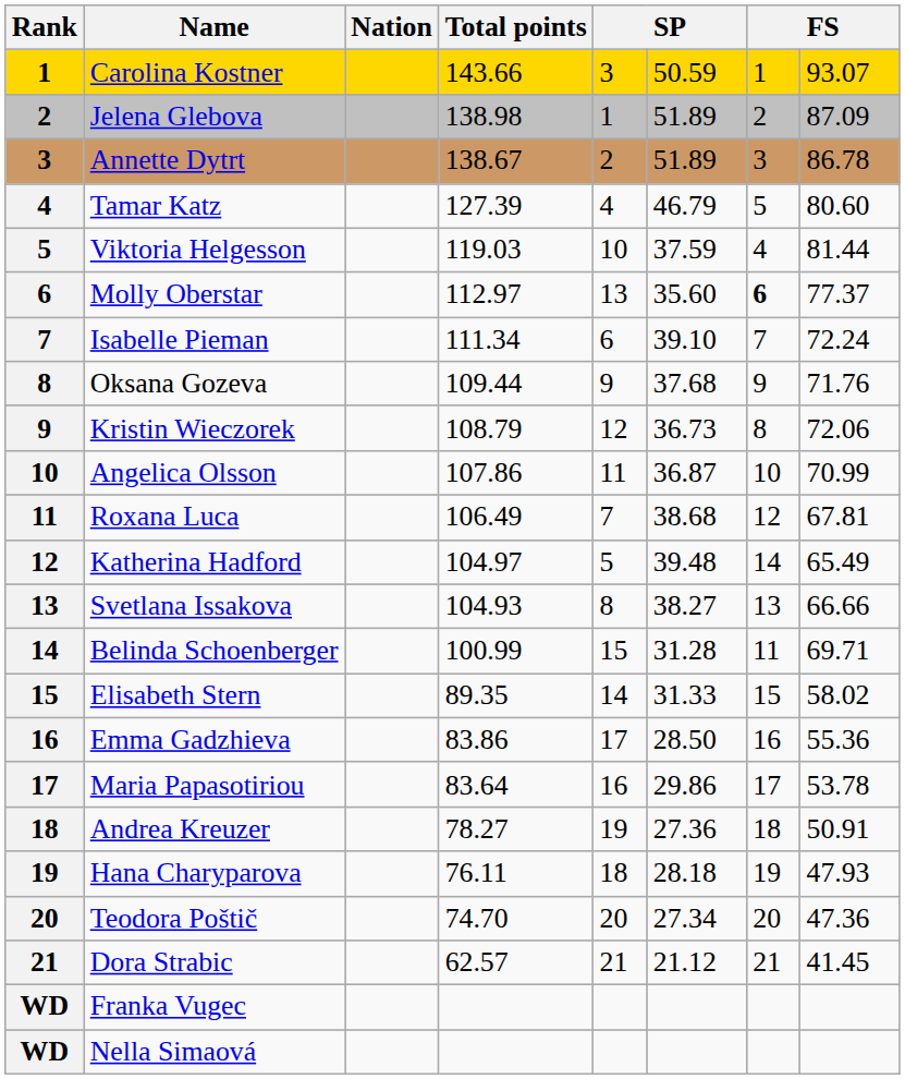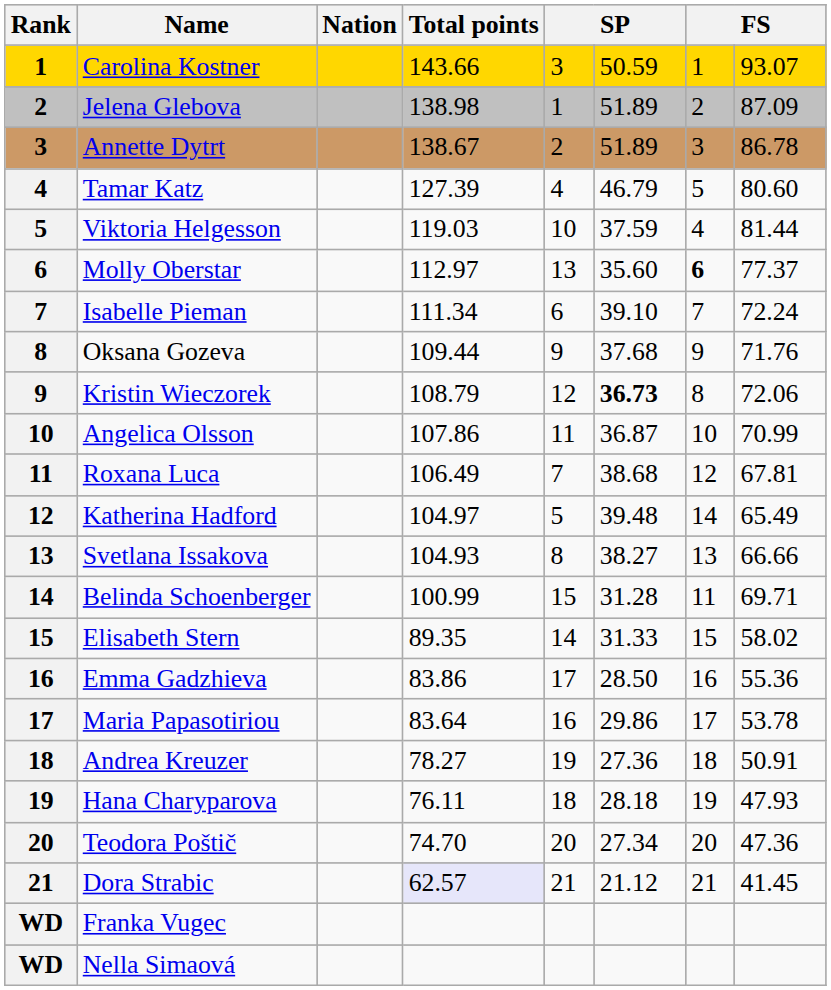 <table class="wikitable">
 <tr>
 <th>Rank</th>
 <th>Name</th>
 <th>Nation</th>
 <th>Total points</th>
 <th colspan="2" width="80px">SP</th>
 <th colspan="2" width="80px">FS</th>
 </tr>
 <tr bgcolor="gold">
 <td align="center"><strong>1</strong></td>
 <td><a href='#'>Carolina Kostner</a></td>
 <td></td>
 <td>143.66</td>
 <td>3</td>
 <td>50.59</td>
 <td>1</td>
 <td>93.07</td>
 </tr>
 <tr bgcolor="silver">
 <td align="center"><strong>2</strong></td>
 <td><a href='#'>Jelena Glebova</a></td>
 <td></td>
 <td>138.98</td>
 <td>1</td>
 <td>51.89</td>
 <td>2</td>
 <td>87.09</td>
 </tr>
 <tr bgcolor="cc9966">
 <td align="center"><strong>3</strong></td>
 <td><a href='#'>Annette Dytrt</a></td>
 <td></td>
 <td>138.67</td>
 <td>2</td>
 <td>51.89</td>
 <td>3</td>
 <td>86.78</td>
 </tr>
 <tr>
 <th>4</th>
 <td><a href='#'>Tamar Katz</a></td>
 <td></td>
 <td>127.39</td>
 <td>4</td>
 <td>46.79</td>
 <td>5</td>
 <td>80.60</td>
 </tr>
 <tr>
 <th>5</th>
 <td><a href='#'>Viktoria Helgesson</a></td>
 <td></td>
 <td>119.03</td>
 <td>10</td>
 <td>37.59</td>
 <td>4</td>
 <td>81.44</td>
 </tr>
 <tr>
 <th>6</th>
 <td><a href='#'>Molly Oberstar</a></td>
 <td></td>
 <td>112.97</td>
 <td>13</td>
 <td>35.60</td>
 <td><strong>6</strong></td>
 <td>77.37</td>
 </tr>
 <tr>
 <th>7</th>
 <td><a href='#'>Isabelle Pieman</a></td>
 <td></td>
 <td>111.34</td>
 <td>6</td>
 <td>39.10</td>
 <td>7</td>
 <td>72.24</td>
 </tr>
 <tr>
 <th>8</th>
 <td>Oksana Gozeva</td>
 <td></td>
 <td>109.44</td>
 <td>9</td>
 <td>37.68</td>
 <td>9</td>
 <td>71.76</td>
 </tr>
 <tr>
 <th>9</th>
 <td><a href='#'>Kristin Wieczorek</a></td>
 <td></td>
 <td>108.79</td>
 <td>12</td>
-<td>36.73</td>
+<td><strong>36.73</strong></td>
 <td>8</td>
 <td>72.06</td>
 </tr>
 <tr>
 <th>10</th>
 <td><a href='#'>Angelica Olsson</a></td>
 <td></td>
 <td>107.86</td>
 <td>11</td>
 <td>36.87</td>
 <td>10</td>
 <td>70.99</td>
 </tr>
 <tr>
 <th>11</th>
 <td><a href='#'>Roxana Luca</a></td>
 <td></td>
 <td>106.49</td>
 <td>7</td>
 <td>38.68</td>
 <td>12</td>
 <td>67.81</td>
 </tr>
 <tr>
 <th>12</th>
 <td><a href='#'>Katherina Hadford</a></td>
 <td></td>
 <td>104.97</td>
 <td>5</td>
 <td>39.48</td>
 <td>14</td>
 <td>65.49</td>
 </tr>
 <tr>
 <th>13</th>
 <td><a href='#'>Svetlana Issakova</a></td>
 <td></td>
 <td>104.93</td>
 <td>8</td>
 <td>38.27</td>
 <td>13</td>
 <td>66.66</td>
 </tr>
 <tr>
 <th>14</th>
 <td><a href='#'>Belinda Schoenberger</a></td>
 <td></td>
 <td>100.99</td>
 <td>15</td>
 <td>31.28</td>
 <td>11</td>
 <td>69.71</td>
 </tr>
 <tr>
 <th>15</th>
 <td><a href='#'>Elisabeth Stern</a></td>
 <td></td>
 <td>89.35</td>
 <td>14</td>
 <td>31.33</td>
 <td>15</td>
 <td>58.02</td>
 </tr>
 <tr>
 <th>16</th>
 <td><a href='#'>Emma Gadzhieva</a></td>
 <td></td>
 <td>83.86</td>
 <td>17</td>
 <td>28.50</td>
 <td>16</td>
 <td>55.36</td>
 </tr>
 <tr>
 <th>17</th>
 <td><a href='#'>Maria Papasotiriou</a></td>
 <td></td>
 <td>83.64</td>
 <td>16</td>
 <td>29.86</td>
 <td>17</td>
 <td>53.78</td>
 </tr>
 <tr>
 <th>18</th>
 <td><a href='#'>Andrea Kreuzer</a></td>
 <td></td>
 <td>78.27</td>
 <td>19</td>
 <td>27.36</td>
 <td>18</td>
 <td>50.91</td>
 </tr>
 <tr>
 <th>19</th>
 <td><a href='#'>Hana Charyparova</a></td>
 <td></td>
 <td>76.11</td>
 <td>18</td>
 <td>28.18</td>
 <td>19</td>
 <td>47.93</td>
 </tr>
 <tr>
 <th>20</th>
 <td><a href='#'>Teodora Poštič</a></td>
 <td></td>
 <td>74.70</td>
 <td>20</td>
 <td>27.34</td>
 <td>20</td>
 <td>47.36</td>
 </tr>
 <tr>
 <th>21</th>
 <td><a href='#'>Dora Strabic</a></td>
 <td></td>
-<td>62.57</td>
+<td style="background: lavender;">62.57</td>
 <td>21</td>
 <td>21.12</td>
 <td>21</td>
 <td>41.45</td>
 </tr>
 <tr>
 <th>WD</th>
 <td><a href='#'>Franka Vugec</a></td>
 <td></td>
 <td></td>
 <td></td>
 <td></td>
 <td></td>
 <td></td>
 </tr>
 <tr>
 <th>WD</th>
 <td><a href='#'>Nella Simaová</a></td>
 <td></td>
 <td></td>
 <td></td>
 <td></td>
 <td></td>
 <td></td>
 </tr>
 </table>
